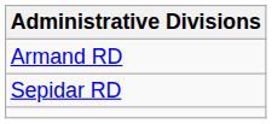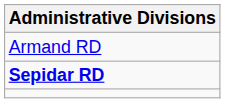 <table class="wikitable">
 <tr>
 <th>Administrative Divisions</th>
 </tr>
 <tr>
 <td><a href='#'>Armand RD</a></td>
 </tr>
 <tr>
-<td><a href='#'>Sepidar RD</a></td>
+<td><strong><a href='#'>Sepidar RD</a></strong></td>
 </tr>
 <tr>
 <td colspan=1></td>
 </tr>
 </table>
